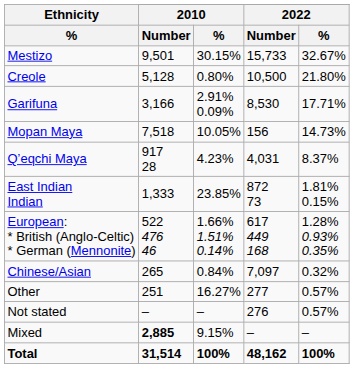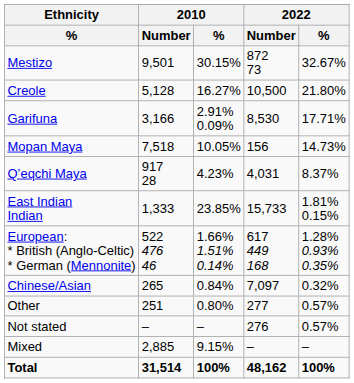 <table class="wikitable sortable left" style="font-size: 90%;">
 <tr>
 <th rowspan="2">Ethnicity</th>
 </tr>
 <tr>
 <th colspan="2">2010</th>
 <th colspan="2">2022</th>
 </tr>
 <tr>
 <th>%</th>
 <th>Number</th>
 <th>%</th>
 <th>Number</th>
 <th>%</th>
 </tr>
 <tr>
 <td><a href='#'>Mestizo</a></td>
 <td>9,501</td>
 <td>30.15%</td>
-<td>15,733</td>
+<td>872<br>73</td>
 <td>32.67%</td>
 </tr>
 <tr>
 <td><a href='#'>Creole</a></td>
 <td>5,128</td>
-<td>0.80%</td>
+<td>16.27%</td>
 <td>10,500</td>
 <td>21.80%</td>
 </tr>
 <tr>
 <td><a href='#'>Garifuna</a></td>
 <td>3,166</td>
 <td>2.91%<br>0.09%</td>
 <td>8,530</td>
 <td>17.71%</td>
 </tr>
 <tr>
 <td><a href='#'>Mopan Maya</a></td>
 <td>7,518</td>
 <td>10.05%</td>
 <td>156</td>
 <td>14.73%</td>
 </tr>
 <tr>
 <td><a href='#'>Qʼeqchi Maya</a></td>
 <td>917<br>28</td>
 <td>4.23%</td>
 <td>4,031</td>
 <td>8.37%</td>
 </tr>
 <tr>
 <td><a href='#'>East Indian</a><br><a href='#'>Indian</a></td>
 <td>1,333</td>
 <td>23.85%</td>
-<td>872<br>73</td>
+<td>15,733</td>
 <td>1.81%<br>0.15%</td>
 </tr>
 <tr>
 <td><a href='#'>European</a>:<br>* British (Anglo-Celtic)<br>* German (<a href='#'>Mennonite</a>)</td>
 <td>522<br><em>476<br>46</em></td>
 <td>1.66%<br><em>1.51%<br>0.14%</em></td>
 <td>617<br><em>449<br>168</em></td>
 <td>1.28%<br><em>0.93%<br>0.35%</em></td>
 </tr>
 <tr>
 <td><a href='#'>Chinese/Asian</a></td>
 <td>265</td>
 <td>0.84%</td>
 <td>7,097</td>
 <td>0.32%</td>
 </tr>
 <tr>
 <td>Other</td>
 <td>251</td>
-<td>16.27%</td>
+<td>0.80%</td>
 <td>277</td>
 <td>0.57%</td>
 </tr>
 <tr>
 <td>Not stated</td>
 <td>–</td>
 <td>–</td>
 <td>276</td>
 <td>0.57%</td>
 </tr>
 <tr>
 <td>Mixed</td>
-<td><strong>2,885</strong></td>
+<td>2,885</td>
 <td>9.15%</td>
 <td>–</td>
 <td>–</td>
 </tr>
 <tr>
 <td><strong>Total</strong></td>
 <td><strong>31,514</strong></td>
 <td><strong>100%</strong></td>
 <td><strong>48,162</strong></td>
 <td><strong>100%</strong></td>
 </tr>
 </table>
